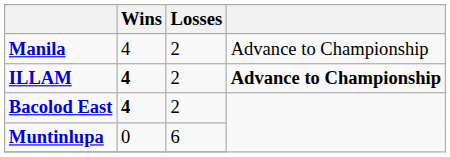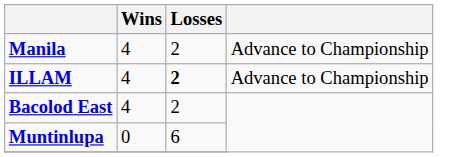 <table class="wikitable">
 <tr align=center>
 <th></th>
 <th>Wins</th>
 <th>Losses</th>
 <th></th>
 </tr>
 <tr>
 <td><strong><a href='#'>Manila</a></strong></td>
 <td>4</td>
 <td>2</td>
 <td>Advance to Championship</td>
 </tr>
 <tr>
 <td><strong><a href='#'>ILLAM</a></strong></td>
-<td><strong>4</strong></td>
-<td>2</td>
-<td><strong>Advance to Championship</strong></td>
+<td>4</td>
+<td><strong>2</strong></td>
+<td>Advance to Championship</td>
 </tr>
 <tr>
 <td><strong><a href='#'>Bacolod East</a></strong></td>
-<td><strong>4</strong></td>
+<td>4</td>
 <td>2</td>
 </tr>
 <tr>
 <td><strong><a href='#'>Muntinlupa</a></strong></td>
 <td>0</td>
 <td>6</td>
 </tr>
 <tr>
 </tr>
 </table>
